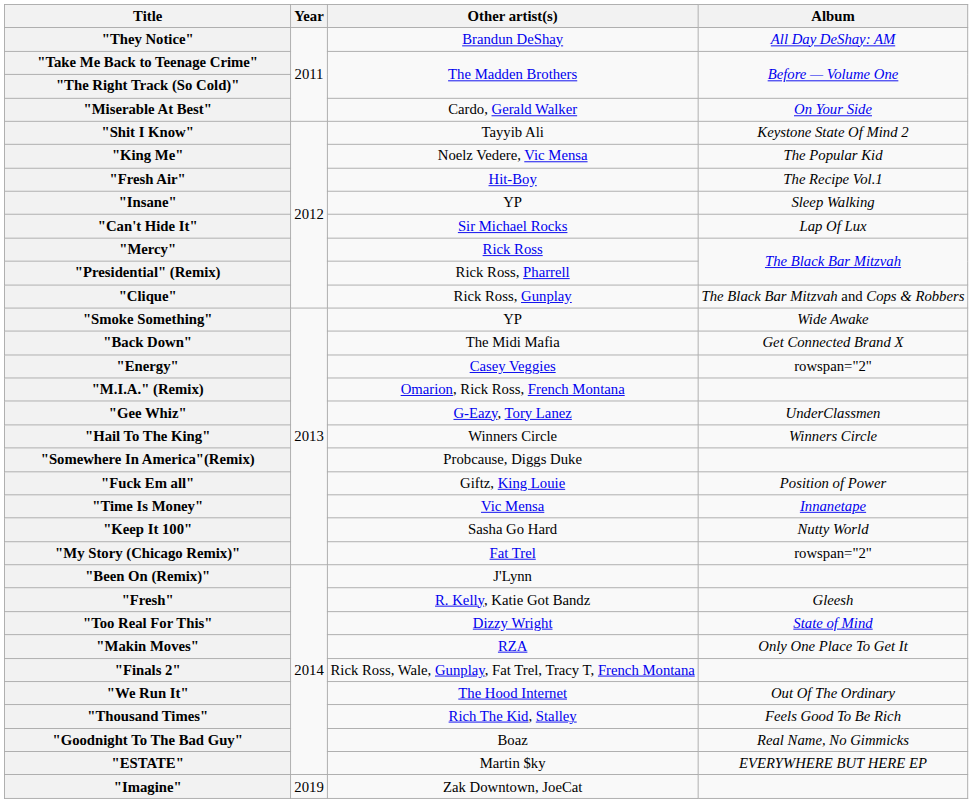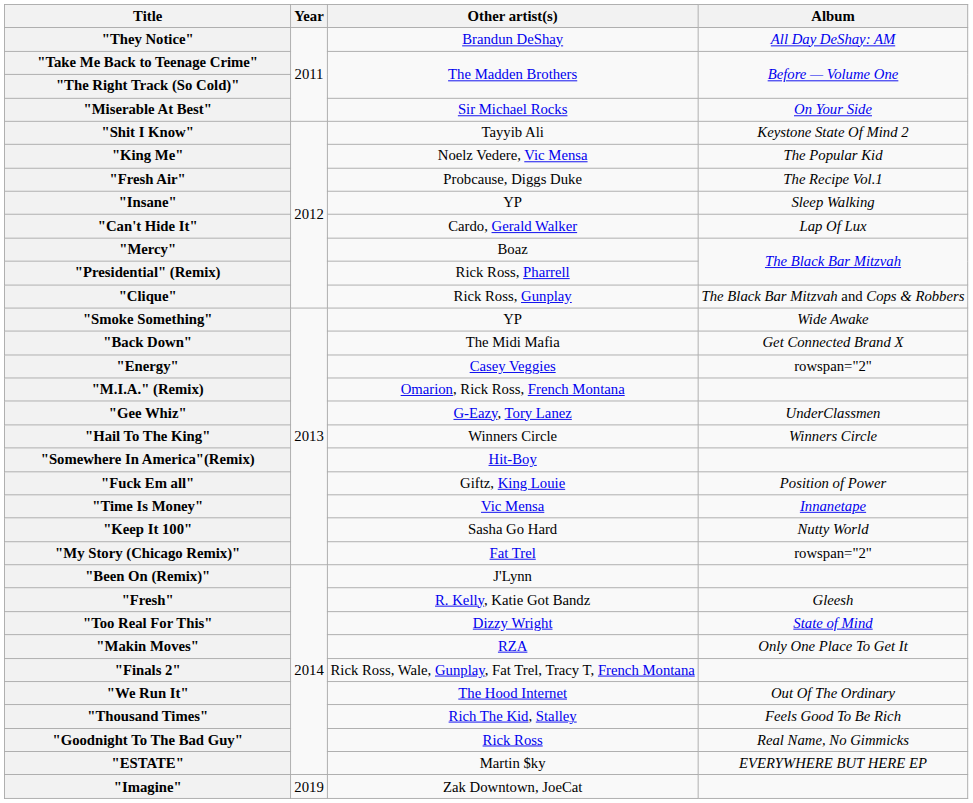 <table class="wikitable plainrowheaders" style="text-align:center;">
 <tr>
 <th scope="col" style="width:19em;">Title</th>
 <th scope="col">Year</th>
 <th scope="col">Other artist(s)</th>
 <th scope="col">Album</th>
 </tr>
 <tr>
 <th scope="row">"They Notice"</th>
 <td rowspan="4">2011</td>
 <td><a href='#'>Brandun DeShay</a></td>
 <td><em><a href='#'>All Day DeShay: AM</a></em></td>
 </tr>
 <tr>
 <th scope="row">"Take Me Back to Teenage Crime"</th>
 <td rowspan="2"><a href='#'>The Madden Brothers</a></td>
 <td rowspan="2"><em><a href='#'>Before — Volume One</a></em></td>
 </tr>
 <tr>
 <th scope="row">"The Right Track (So Cold)"</th>
 </tr>
 <tr>
 <th scope="row">"Miserable At Best"</th>
-<td>Cardo, <a href='#'>Gerald Walker</a></td>
+<td><a href='#'>Sir Michael Rocks</a></td>
 <td><em><a href='#'>On Your Side</a></em></td>
 </tr>
 <tr>
 <th scope="row">"Shit I Know"</th>
 <td rowspan="8">2012</td>
 <td>Tayyib Ali</td>
 <td><em>Keystone State Of Mind 2</em></td>
 </tr>
 <tr>
 <th scope="row">"King Me"</th>
 <td>Noelz Vedere, <a href='#'>Vic Mensa</a></td>
 <td><em>The Popular Kid</em></td>
 </tr>
 <tr>
 <th scope="row">"Fresh Air"</th>
-<td><a href='#'>Hit-Boy</a></td>
+<td>Probcause, Diggs Duke</td>
 <td><em>The Recipe Vol.1</em></td>
 </tr>
 <tr>
 <th scope="row">"Insane"</th>
 <td>YP</td>
 <td><em>Sleep Walking</em></td>
 </tr>
 <tr>
 <th scope="row">"Can't Hide It"</th>
-<td><a href='#'>Sir Michael Rocks</a></td>
+<td>Cardo, <a href='#'>Gerald Walker</a></td>
 <td><em>Lap Of Lux</em></td>
 </tr>
 <tr>
 <th scope="row">"Mercy"</th>
-<td><a href='#'>Rick Ross</a></td>
+<td>Boaz</td>
 <td rowspan="2"><em><a href='#'>The Black Bar Mitzvah</a></em></td>
 </tr>
 <tr>
 <th scope="row">"Presidential" (Remix)</th>
 <td>Rick Ross, <a href='#'>Pharrell</a></td>
 </tr>
 <tr>
 <th scope="row">"Clique"</th>
 <td>Rick Ross, <a href='#'>Gunplay</a></td>
 <td><em>The Black Bar Mitzvah</em> and <em>Cops & Robbers</em></td>
 </tr>
 <tr>
 <th scope="row">"Smoke Something"</th>
 <td rowspan="11">2013</td>
 <td>YP</td>
 <td><em>Wide Awake</em></td>
 </tr>
 <tr>
 <th scope="row">"Back Down"</th>
 <td>The Midi Mafia</td>
 <td><em>Get Connected Brand X</em></td>
 </tr>
 <tr>
 <th scope="row">"Energy"</th>
 <td><a href='#'>Casey Veggies</a></td>
 <td>rowspan="2" </td>
 </tr>
 <tr>
 <th scope="row">"M.I.A." (Remix)</th>
 <td><a href='#'>Omarion</a>, Rick Ross, <a href='#'>French Montana</a></td>
 </tr>
 <tr>
 <th scope="row">"Gee Whiz"</th>
 <td><a href='#'>G-Eazy</a>, <a href='#'>Tory Lanez</a></td>
 <td><em>UnderClassmen</em></td>
 </tr>
 <tr>
 <th scope="row">"Hail To The King"</th>
 <td>Winners Circle</td>
 <td><em>Winners Circle</em></td>
 </tr>
 <tr>
 <th scope="row">"Somewhere In America"(Remix)</th>
-<td>Probcause, Diggs Duke</td>
+<td><a href='#'>Hit-Boy</a></td>
 <td></td>
 </tr>
 <tr>
 <th scope="row">"Fuck Em all"</th>
 <td>Giftz, <a href='#'>King Louie</a></td>
 <td><em>Position of Power</em></td>
 </tr>
 <tr>
 <th scope="row">"Time Is Money"</th>
 <td><a href='#'>Vic Mensa</a></td>
 <td><em><a href='#'>Innanetape</a></em></td>
 </tr>
 <tr>
 <th scope="row">"Keep It 100"</th>
 <td>Sasha Go Hard</td>
 <td><em>Nutty World</em></td>
 </tr>
 <tr>
 <th scope="row">"My Story (Chicago Remix)"</th>
 <td><a href='#'>Fat Trel</a></td>
 <td>rowspan="2" </td>
 </tr>
 <tr>
 <th scope="row">"Been On (Remix)"</th>
 <td rowspan="9">2014</td>
 <td>J'Lynn</td>
 </tr>
 <tr>
 <th scope="row">"Fresh"</th>
 <td><a href='#'>R. Kelly</a>, Katie Got Bandz</td>
 <td><em>Gleesh</em></td>
 </tr>
 <tr>
 <th scope="row">"Too Real For This"</th>
 <td><a href='#'>Dizzy Wright</a></td>
 <td><em><a href='#'>State of Mind</a></em></td>
 </tr>
 <tr>
 <th scope="row">"Makin Moves"</th>
 <td><a href='#'>RZA</a></td>
 <td><em>Only One Place To Get It</em></td>
 </tr>
 <tr>
 <th scope="row">"Finals 2"</th>
 <td>Rick Ross, Wale, <a href='#'>Gunplay</a>, Fat Trel, Tracy T, <a href='#'>French Montana</a></td>
 <td></td>
 </tr>
 <tr>
 <th scope="row">"We Run It"</th>
 <td><a href='#'>The Hood Internet</a></td>
 <td><em>Out Of The Ordinary</em></td>
 </tr>
 <tr>
 <th scope="row">"Thousand Times"</th>
 <td><a href='#'>Rich The Kid</a>, <a href='#'>Stalley</a></td>
 <td><em>Feels Good To Be Rich</em></td>
 </tr>
 <tr>
 <th scope="row">"Goodnight To The Bad Guy"</th>
-<td>Boaz</td>
+<td><a href='#'>Rick Ross</a></td>
 <td><em>Real Name, No Gimmicks</em></td>
 </tr>
 <tr>
 <th scope="row">"ESTATE"</th>
 <td>Martin $ky</td>
 <td><em>EVERYWHERE BUT HERE EP</em></td>
 </tr>
 <tr>
 <th scope="row">"Imagine"</th>
 <td rowspan="11">2019</td>
 <td>Zak Downtown, JoeCat</td>
 <td></td>
 </tr>
 </table>
